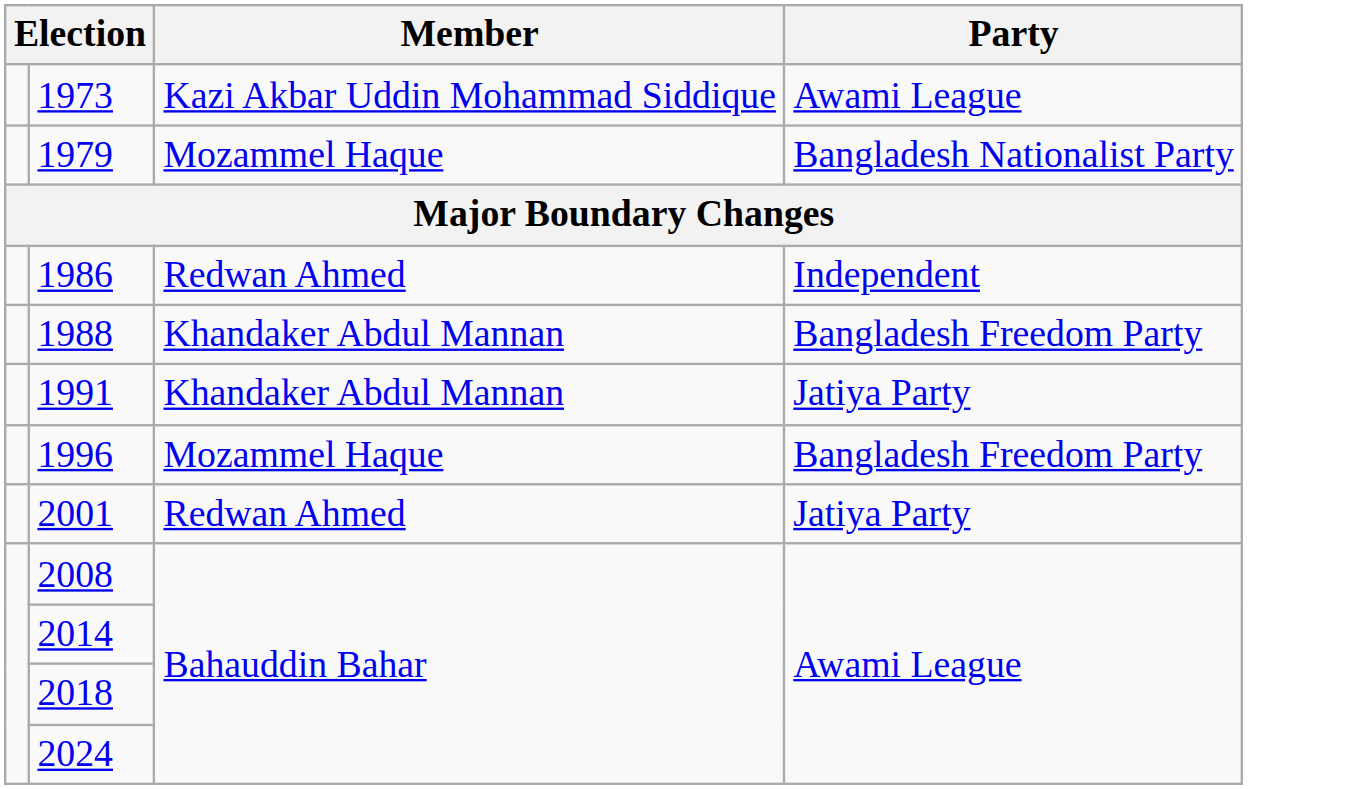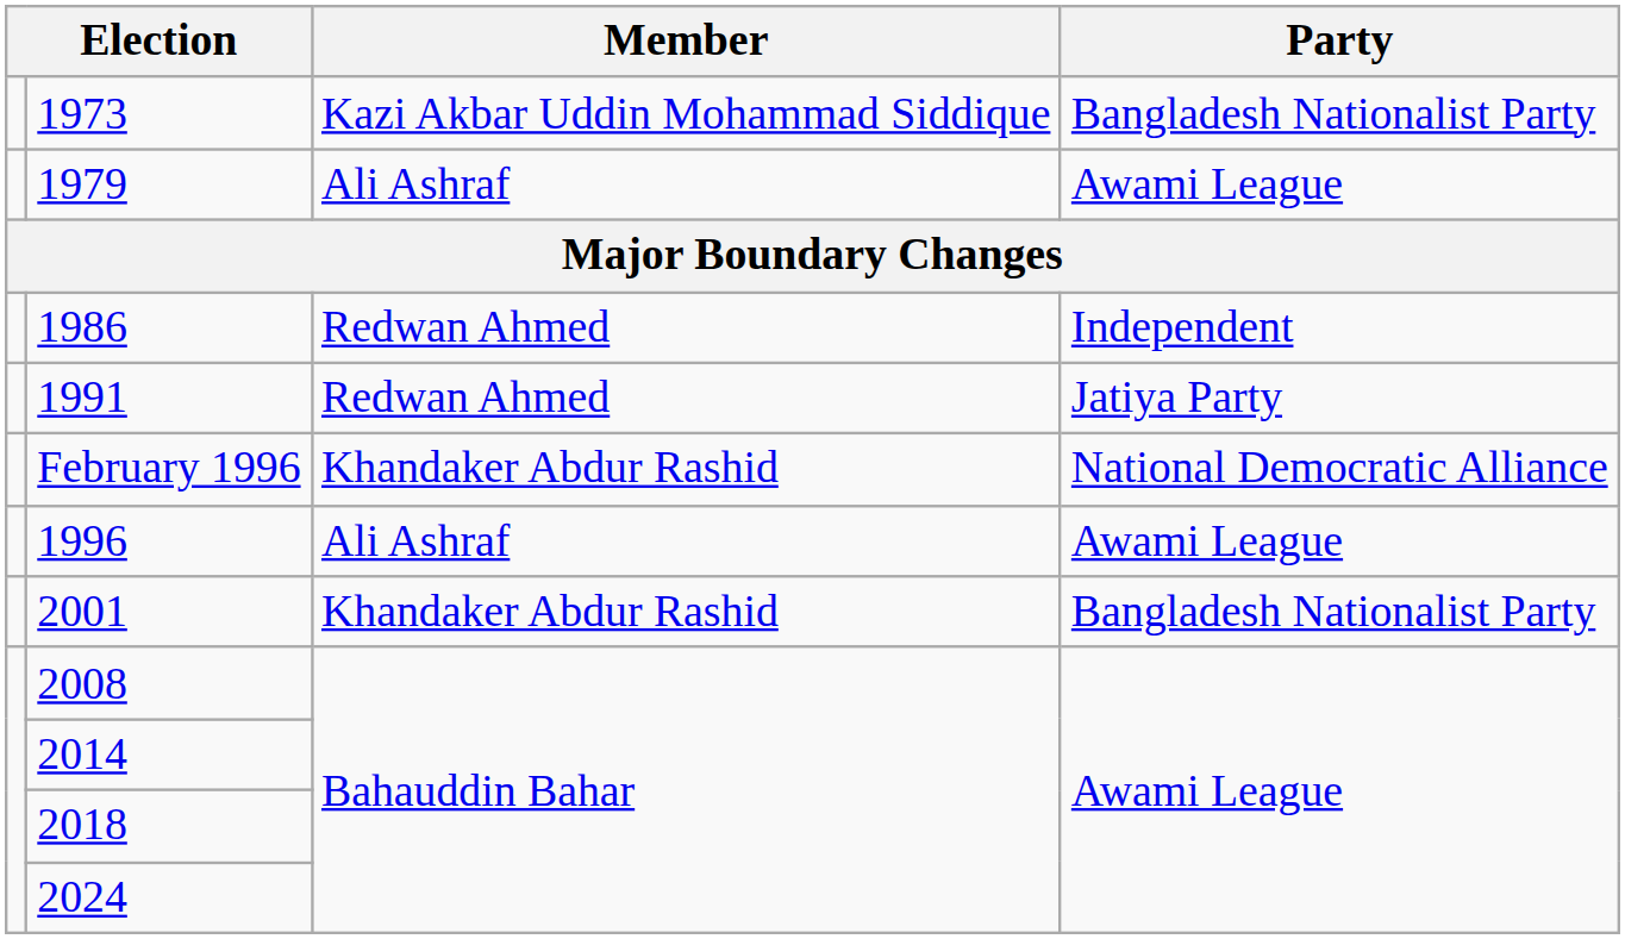 <table class="wikitable">
 <tr>
 <th colspan="2">Election</th>
 <th>Member</th>
 <th>Party</th>
 </tr>
 <tr>
 <td style="background-color:"></td>
 <td><a href='#'>1973</a></td>
 <td><a href='#'>Kazi Akbar Uddin Mohammad Siddique</a></td>
-<td><a href='#'>Awami League</a></td>
+<td><a href='#'>Bangladesh Nationalist Party</a></td>
 </tr>
 <tr>
 <td style="background-color:"></td>
 <td><a href='#'>1979</a></td>
-<td><a href='#'>Mozammel Haque</a></td>
-<td><a href='#'>Bangladesh Nationalist Party</a></td>
+<td><a href='#'>Ali Ashraf</a></td>
+<td><a href='#'>Awami League</a></td>
 </tr>
 <tr>
 <th colspan="4">Major Boundary Changes</th>
 </tr>
 <tr>
 <td style="background-color:"></td>
 <td><a href='#'>1986</a></td>
 <td><a href='#'>Redwan Ahmed</a></td>
 <td><a href='#'>Independent</a></td>
 </tr>
 <tr>
-<td></td>
-<td><a href='#'>1988</a></td>
-<td><a href='#'>Khandaker Abdul Mannan</a></td>
-<td><a href='#'>Bangladesh Freedom Party</a></td>
+<td style="background-color:"></td>
+<td><a href='#'>1991</a></td>
+<td><a href='#'>Redwan Ahmed</a></td>
+<td><a href='#'>Jatiya Party</a></td>
 </tr>
 <tr>
-<td style="background-color:"></td>
-<td><a href='#'>1991</a></td>
-<td><a href='#'>Khandaker Abdul Mannan</a></td>
-<td><a href='#'>Jatiya Party</a></td>
+<td></td>
+<td><a href='#'>February 1996</a></td>
+<td><a href='#'>Khandaker Abdur Rashid</a></td>
+<td><a href='#'>National Democratic Alliance</a></td>
 </tr>
 <tr>
 <td style="background-color:"></td>
 <td><a href='#'>1996</a></td>
-<td><a href='#'>Mozammel Haque</a></td>
-<td><a href='#'>Bangladesh Freedom Party</a></td>
+<td><a href='#'>Ali Ashraf</a></td>
+<td><a href='#'>Awami League</a></td>
 </tr>
 <tr>
 <td style="background-color:"></td>
 <td><a href='#'>2001</a></td>
-<td><a href='#'>Redwan Ahmed</a></td>
-<td><a href='#'>Jatiya Party</a></td>
+<td><a href='#'>Khandaker Abdur Rashid</a></td>
+<td><a href='#'>Bangladesh Nationalist Party</a></td>
 </tr>
 <tr>
 <td rowspan="4" style="background-color:"></td>
 <td><a href='#'>2008</a></td>
 <td rowspan="4"><a href='#'>Bahauddin Bahar</a></td>
 <td rowspan="4"><a href='#'>Awami League</a></td>
 </tr>
 <tr>
 <td><a href='#'>2014</a></td>
 </tr>
 <tr>
 <td><a href='#'>2018</a></td>
 </tr>
 <tr>
 <td><a href='#'>2024</a></td>
 </tr>
 <tr>
 </tr>
 </table>
